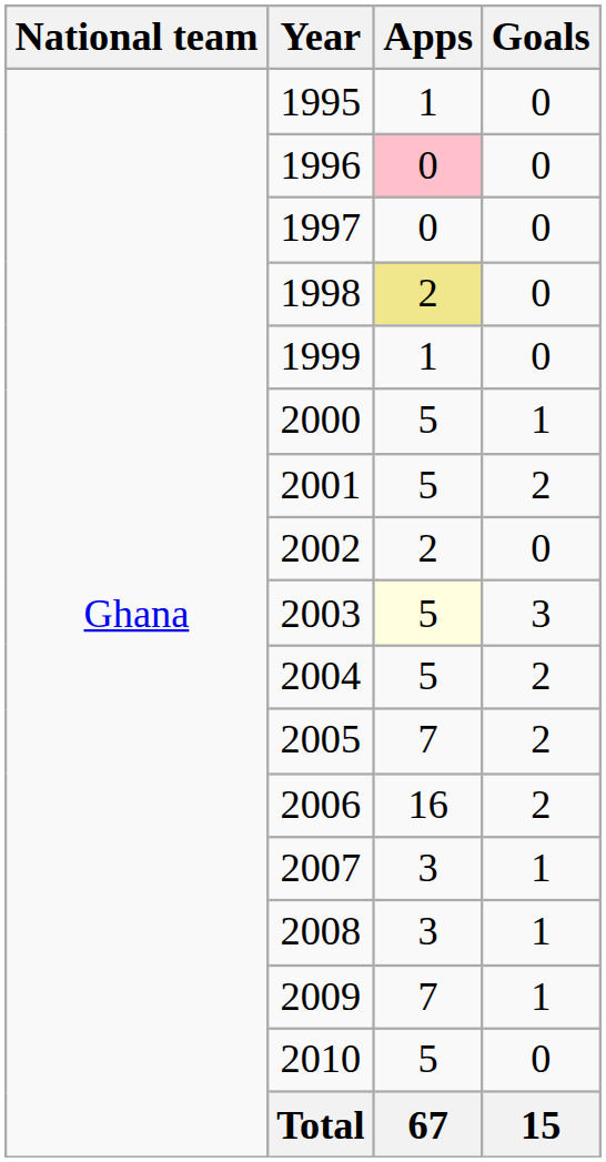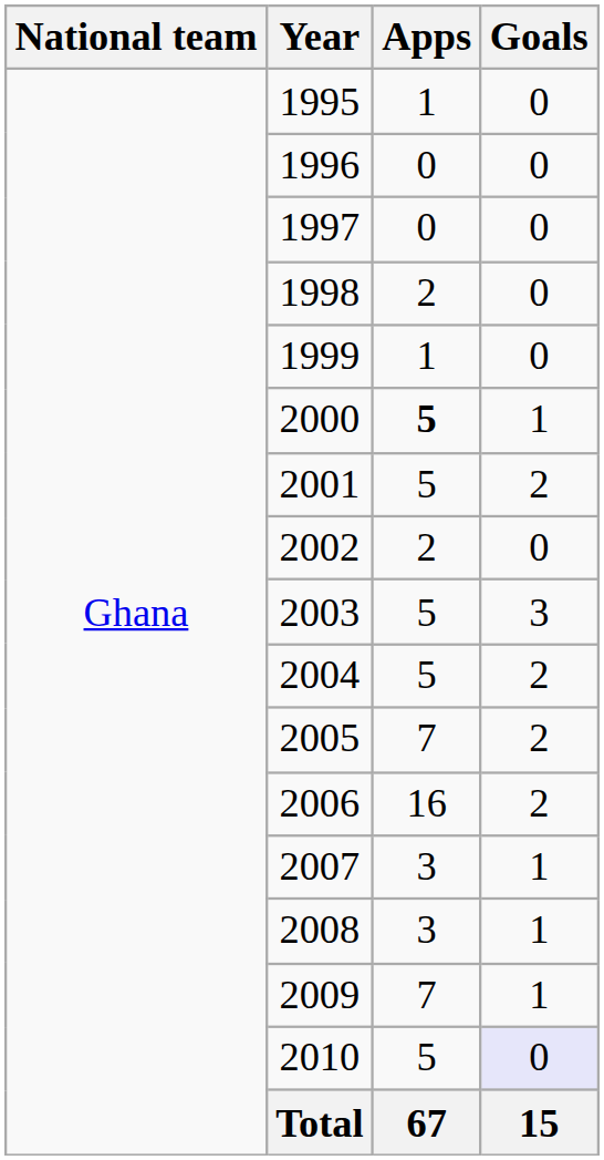 <table class="wikitable" style="text-align:center">
 <tr>
 <th>National team</th>
 <th>Year</th>
 <th>Apps</th>
 <th>Goals</th>
 </tr>
 <tr>
 <td rowspan="17"><a href='#'>Ghana</a></td>
 <td>1995</td>
 <td>1</td>
 <td>0</td>
 </tr>
 <tr>
 <td>1996</td>
-<td style="background: pink;">0</td>
+<td>0</td>
 <td>0</td>
 </tr>
 <tr>
 <td>1997</td>
 <td>0</td>
 <td>0</td>
 </tr>
 <tr>
 <td>1998</td>
-<td style="background: khaki;">2</td>
+<td>2</td>
 <td>0</td>
 </tr>
 <tr>
 <td>1999</td>
 <td>1</td>
 <td>0</td>
 </tr>
 <tr>
 <td>2000</td>
-<td>5</td>
+<td><strong>5</strong></td>
 <td>1</td>
 </tr>
 <tr>
 <td>2001</td>
 <td>5</td>
 <td>2</td>
 </tr>
 <tr>
 <td>2002</td>
 <td>2</td>
 <td>0</td>
 </tr>
 <tr>
 <td>2003</td>
-<td style="background: lightyellow;">5</td>
+<td>5</td>
 <td>3</td>
 </tr>
 <tr>
 <td>2004</td>
 <td>5</td>
 <td>2</td>
 </tr>
 <tr>
 <td>2005</td>
 <td>7</td>
 <td>2</td>
 </tr>
 <tr>
 <td>2006</td>
 <td>16</td>
 <td>2</td>
 </tr>
 <tr>
 <td>2007</td>
 <td>3</td>
 <td>1</td>
 </tr>
 <tr>
 <td>2008</td>
 <td>3</td>
 <td>1</td>
 </tr>
 <tr>
 <td>2009</td>
 <td>7</td>
 <td>1</td>
 </tr>
 <tr>
 <td>2010</td>
 <td>5</td>
-<td>0</td>
+<td style="background: lavender;">0</td>
 </tr>
 <tr>
 <th>Total</th>
 <th>67</th>
 <th>15</th>
 </tr>
 </table>
